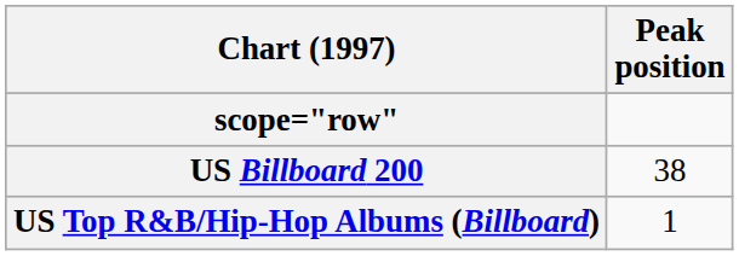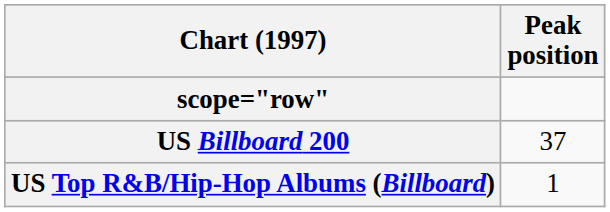 <table class="wikitable sortable plainrowheaders" style="text-align:center">
 <tr>
 <th scope="col">Chart (1997)</th>
 <th scope="col">Peak<br> position</th>
 </tr>
 <tr>
 <th>scope="row" </th>
 </tr>
 <tr>
 <th scope="row">US <a href='#'><em>Billboard</em> 200</a></th>
-<td>38</td>
+<td>37</td>
 </tr>
 <tr>
 <th scope="row">US <a href='#'>Top R&B/Hip-Hop Albums</a> (<em><a href='#'>Billboard</a></em>)</th>
 <td>1</td>
 </tr>
 </table>
